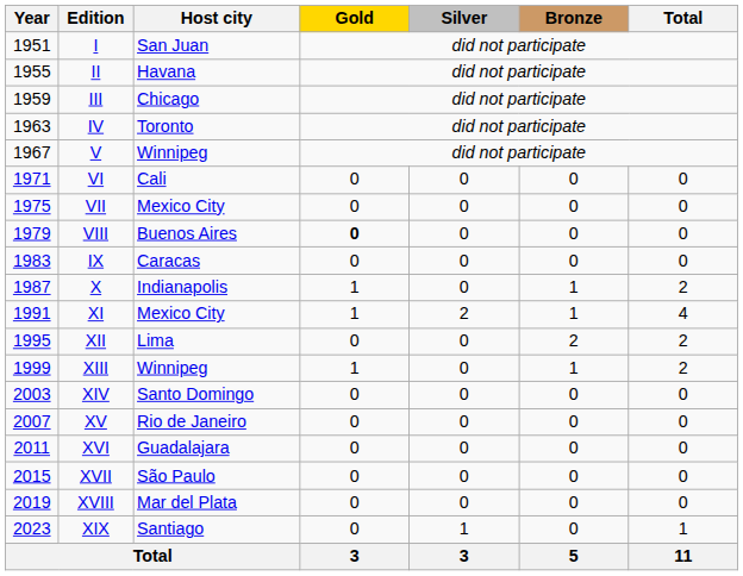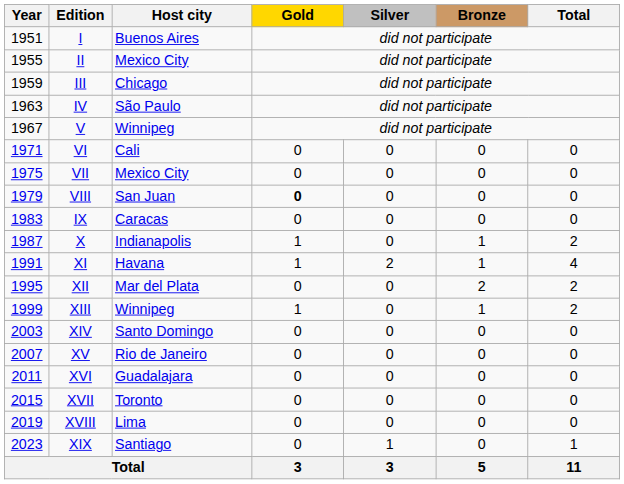 <table class="wikitable sortable" style="text-align:center;">
 <tr>
 <th scope="col"> Year </th>
 <th scope="col"> Edition </th>
 <th scope="col" style="width:150px;">Host city</th>
 <th scope="col" style="background:gold; width:6em;">Gold</th>
 <th scope="col" style="background:silver; width:6em;">Silver</th>
 <th scope="col" style="background:#cc9966; width:6em;">Bronze</th>
 <th scope="col" style="width:6em;">Total</th>
 </tr>
 <tr class="sortbottom">
 <td><span>1951</span></td>
 <td><a href='#'>I</a></td>
-<td align=left> <a href='#'>San Juan</a></td>
+<td align=left> <a href='#'>Buenos Aires</a></td>
 <td colspan="4"><em>did not participate</em></td>
 </tr>
 <tr class="sortbottom">
 <td><span>1955</span></td>
 <td><a href='#'>II</a></td>
-<td align=left> <a href='#'>Havana</a></td>
+<td align=left> <a href='#'>Mexico City</a></td>
 <td colspan="4"><em>did not participate</em></td>
 </tr>
 <tr class="sortbottom">
 <td><span>1959</span></td>
 <td><a href='#'>III</a></td>
 <td align=left> <a href='#'>Chicago</a></td>
 <td colspan="4"><em>did not participate</em></td>
 </tr>
 <tr class="sortbottom">
 <td><span>1963</span></td>
 <td><a href='#'>IV</a></td>
-<td align=left> <a href='#'>Toronto</a></td>
+<td align=left> <a href='#'>São Paulo</a></td>
 <td colspan="4"><em>did not participate</em></td>
 </tr>
 <tr class="sortbottom">
 <td><span>1967</span></td>
 <td><a href='#'>V</a></td>
 <td align=left> <a href='#'>Winnipeg</a></td>
 <td colspan="4"><em>did not participate</em></td>
 </tr>
 <tr class="sortbottom">
 <td><a href='#'>1971</a></td>
 <td><a href='#'>VI</a></td>
 <td align=left> <a href='#'>Cali</a></td>
 <td>0</td>
 <td>0</td>
 <td>0</td>
 <td>0</td>
 </tr>
 <tr class="sortbottom">
 <td><a href='#'>1975</a></td>
 <td><a href='#'>VII</a></td>
 <td align=left> <a href='#'>Mexico City</a></td>
 <td>0</td>
 <td>0</td>
 <td>0</td>
 <td>0</td>
 </tr>
 <tr>
 <td><a href='#'>1979</a></td>
 <td><a href='#'>VIII</a></td>
-<td align=left> <a href='#'>Buenos Aires</a></td>
+<td align=left> <a href='#'>San Juan</a></td>
 <td><strong>0</strong></td>
 <td>0</td>
 <td>0</td>
 <td>0</td>
 </tr>
 <tr>
 <td><a href='#'>1983</a></td>
 <td><a href='#'>IX</a></td>
 <td align=left> <a href='#'>Caracas</a></td>
 <td>0</td>
 <td>0</td>
 <td>0</td>
 <td>0</td>
 </tr>
 <tr>
 <td><a href='#'>1987</a></td>
 <td><a href='#'>X</a></td>
 <td align=left> <a href='#'>Indianapolis</a></td>
 <td>1</td>
 <td>0</td>
 <td>1</td>
 <td>2</td>
 </tr>
 <tr>
 <td><a href='#'>1991</a></td>
 <td><a href='#'>XI</a></td>
-<td align=left> <a href='#'>Mexico City</a></td>
+<td align=left> <a href='#'>Havana</a></td>
 <td>1</td>
 <td>2</td>
 <td>1</td>
 <td>4</td>
 </tr>
 <tr>
 <td><a href='#'>1995</a></td>
 <td><a href='#'>XII</a></td>
-<td align=left> <a href='#'>Lima</a></td>
+<td align=left> <a href='#'>Mar del Plata</a></td>
 <td>0</td>
 <td>0</td>
 <td>2</td>
 <td>2</td>
 </tr>
 <tr>
 <td><a href='#'>1999</a></td>
 <td><a href='#'>XIII</a></td>
 <td align=left> <a href='#'>Winnipeg</a></td>
 <td>1</td>
 <td>0</td>
 <td>1</td>
 <td>2</td>
 </tr>
 <tr>
 <td><a href='#'>2003</a></td>
 <td><a href='#'>XIV</a></td>
 <td align=left> <a href='#'>Santo Domingo</a></td>
 <td>0</td>
 <td>0</td>
 <td>0</td>
 <td>0</td>
 </tr>
 <tr>
 <td><a href='#'>2007</a></td>
 <td><a href='#'>XV</a></td>
 <td align=left> <a href='#'>Rio de Janeiro</a></td>
 <td>0</td>
 <td>0</td>
 <td>0</td>
 <td>0</td>
 </tr>
 <tr>
 <td><a href='#'>2011</a></td>
 <td><a href='#'>XVI</a></td>
 <td align=left> <a href='#'>Guadalajara</a></td>
 <td>0</td>
 <td>0</td>
 <td>0</td>
 <td>0</td>
 </tr>
 <tr>
 <td><a href='#'>2015</a></td>
 <td><a href='#'>XVII</a></td>
-<td align=left> <a href='#'>São Paulo</a></td>
+<td align=left> <a href='#'>Toronto</a></td>
 <td>0</td>
 <td>0</td>
 <td>0</td>
 <td>0</td>
 </tr>
 <tr>
 <td><a href='#'>2019</a></td>
 <td><a href='#'>XVIII</a></td>
-<td align=left> <a href='#'>Mar del Plata</a></td>
+<td align=left> <a href='#'>Lima</a></td>
 <td>0</td>
 <td>0</td>
 <td>0</td>
 <td>0</td>
 </tr>
 <tr>
 <td><a href='#'>2023</a></td>
 <td><a href='#'>XIX</a></td>
 <td align=left> <a href='#'>Santiago</a></td>
 <td>0</td>
 <td>1</td>
 <td>0</td>
 <td>1</td>
 </tr>
 <tr class="sortbottom">
 <th colspan=3>Total</th>
 <th>3</th>
 <th>3</th>
 <th>5</th>
 <th>11</th>
 </tr>
 </table>
